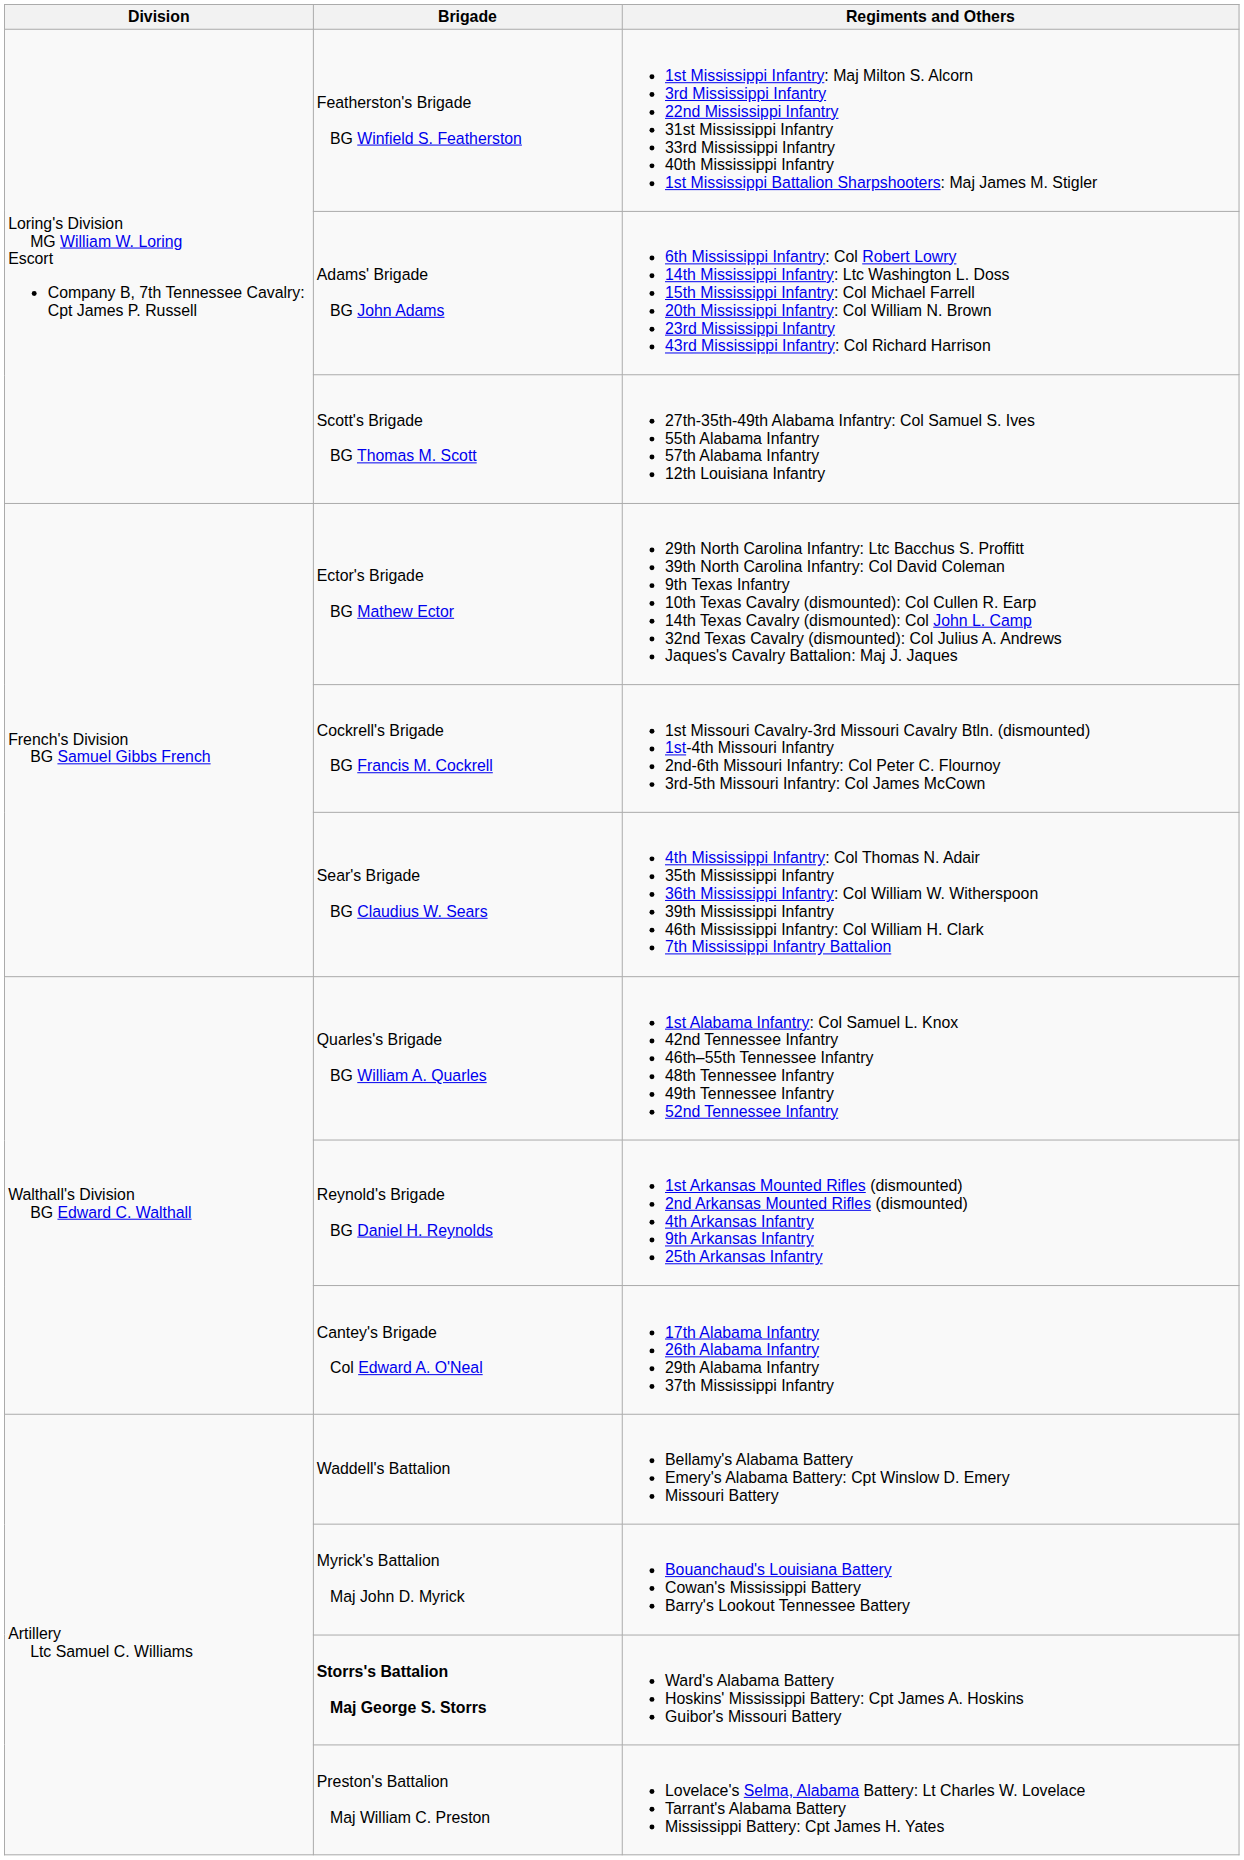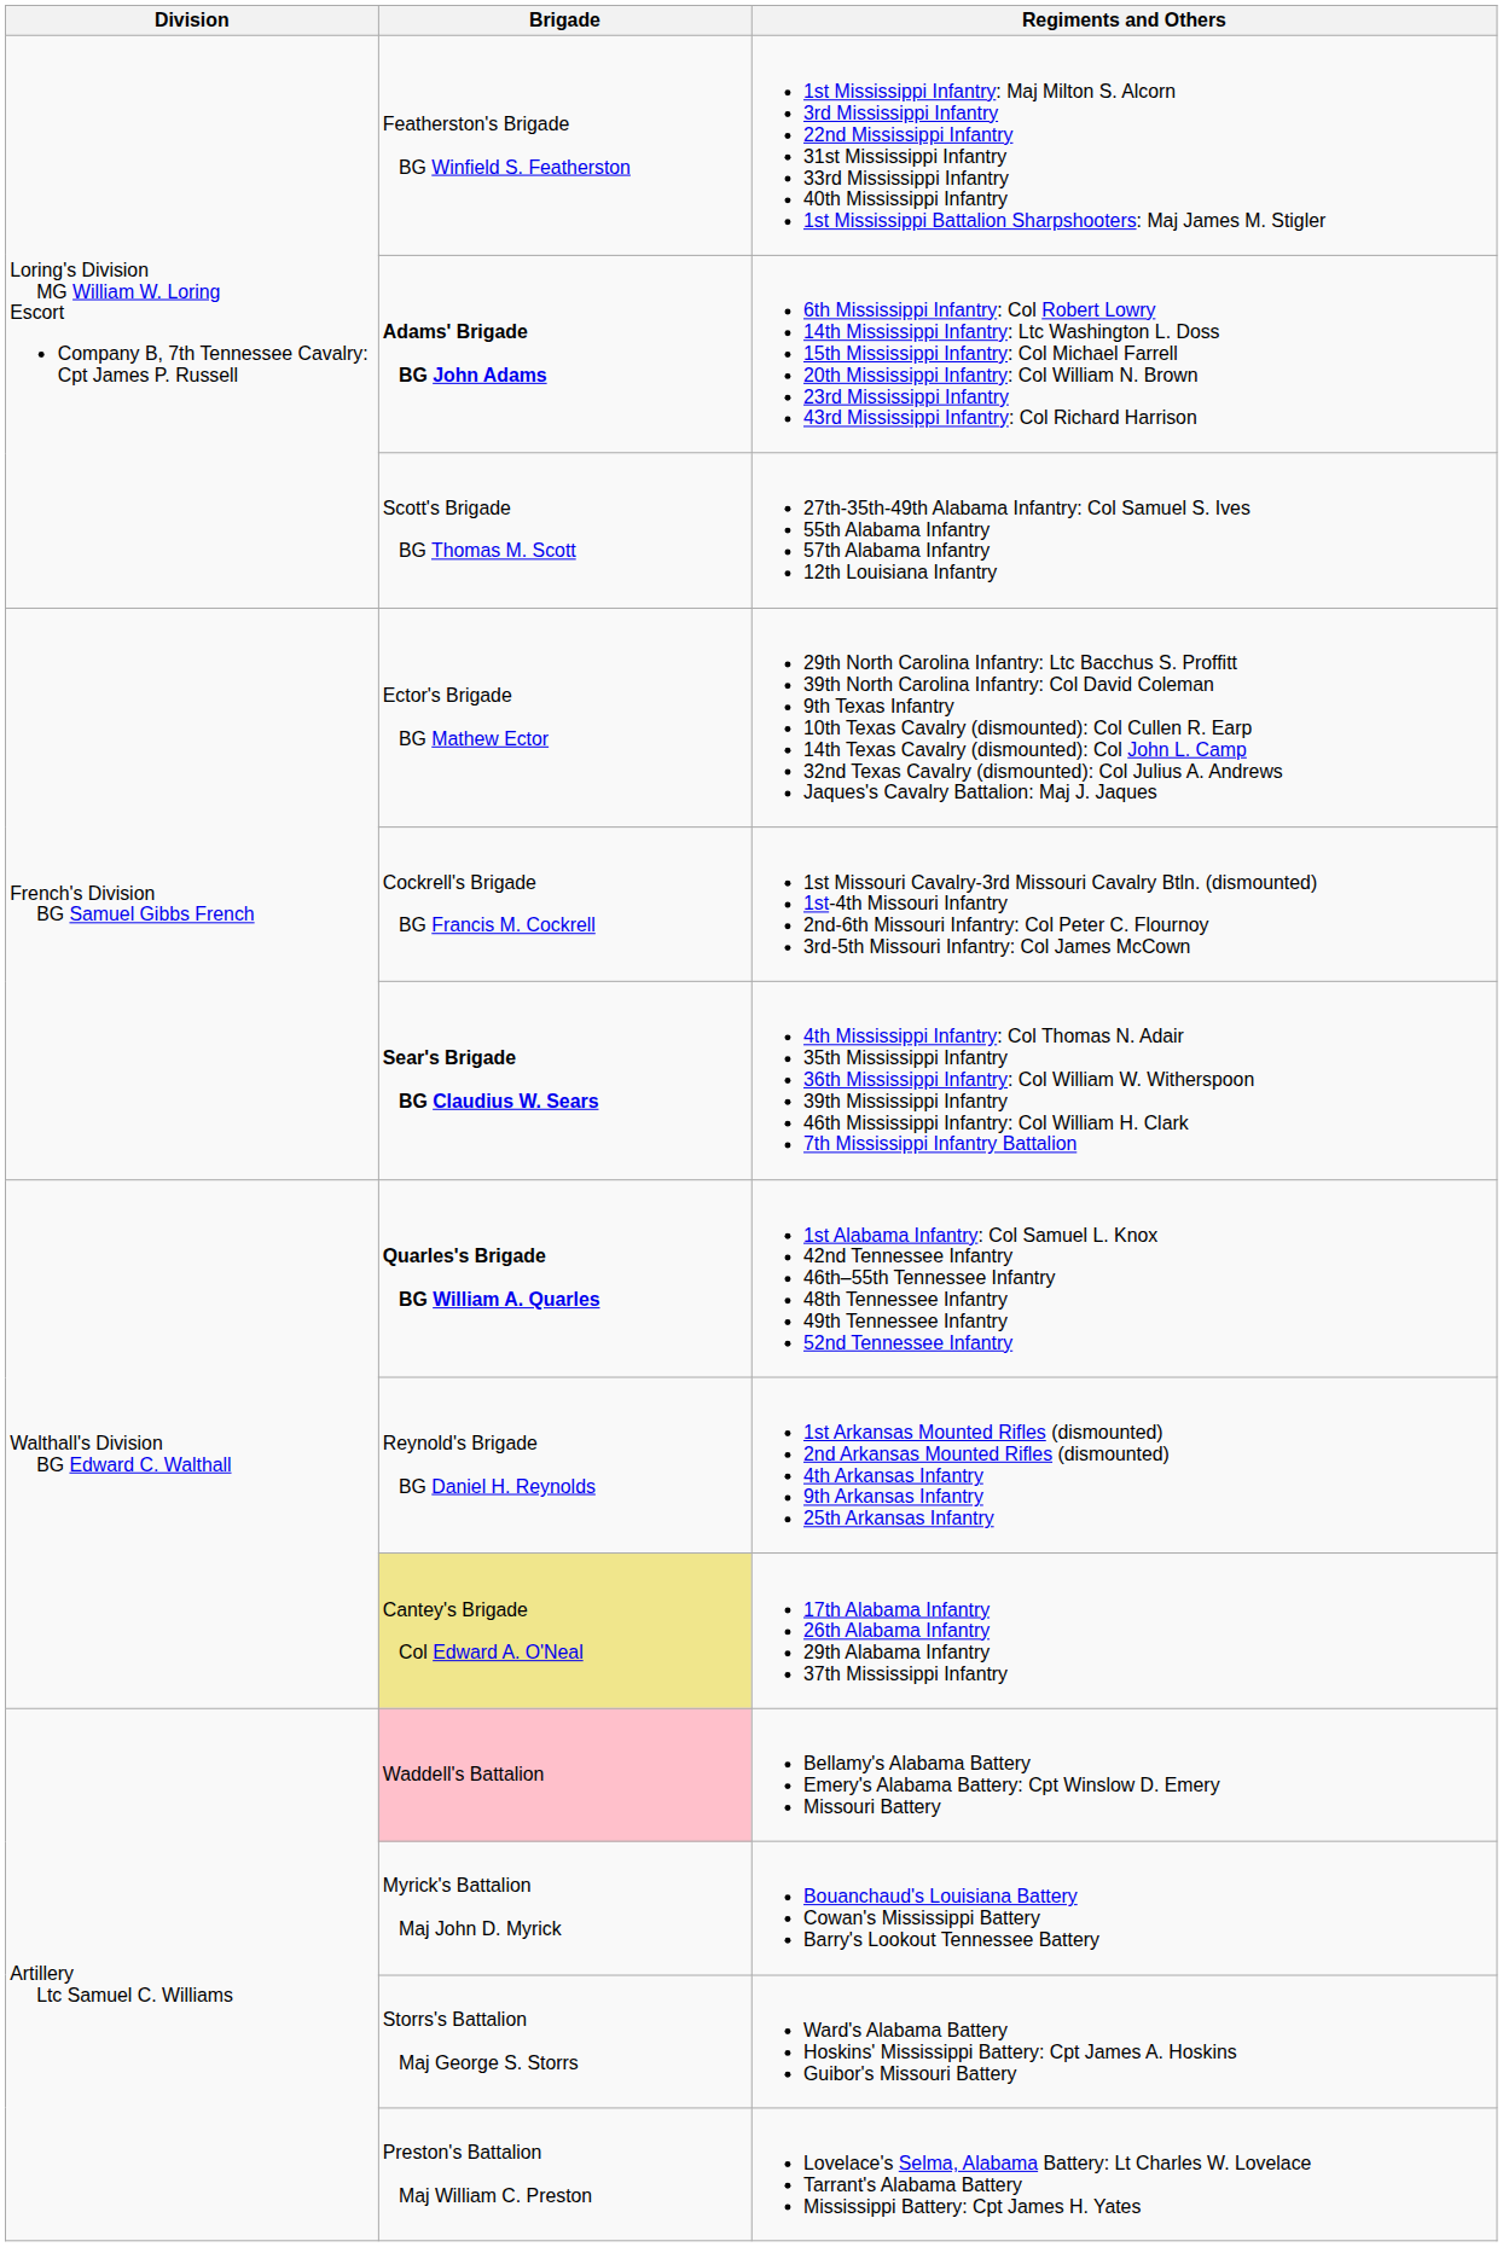 <table class="wikitable">
 <tr>
 <th style="width:25%;">Division</th>
 <th style="width:25%;">Brigade</th>
 <th>Regiments and Others</th>
 </tr>
 <tr>
 <td rowspan=3><br>Loring's Division <br>     MG <a href='#'>William W. Loring</a> <br> Escort<ul><li>Company B, 7th Tennessee Cavalry: Cpt James P. Russell</li></ul></td>
 <td>Featherston's Brigade<br><br>   BG <a href='#'>Winfield S. Featherston</a></td>
 <td><br><ul><li><a href='#'>1st Mississippi Infantry</a>: Maj Milton S. Alcorn</li><li><a href='#'>3rd Mississippi Infantry</a></li><li><a href='#'>22nd Mississippi Infantry</a></li><li>31st Mississippi Infantry</li><li>33rd Mississippi Infantry</li><li>40th Mississippi Infantry</li><li><a href='#'>1st Mississippi Battalion Sharpshooters</a>: Maj James M. Stigler</li></ul></td>
 </tr>
 <tr>
-<td>Adams' Brigade<br><br>   BG <a href='#'>John Adams</a></td>
+<td><strong>Adams' Brigade<br><br>   BG <a href='#'>John Adams</a></strong></td>
 <td><br><ul><li><a href='#'>6th Mississippi Infantry</a>: Col <a href='#'>Robert Lowry</a></li><li><a href='#'>14th Mississippi Infantry</a>: Ltc Washington L. Doss</li><li><a href='#'>15th Mississippi Infantry</a>: Col Michael Farrell</li><li><a href='#'>20th Mississippi Infantry</a>: Col William N. Brown</li><li><a href='#'>23rd Mississippi Infantry</a></li><li><a href='#'>43rd Mississippi Infantry</a>: Col Richard Harrison</li></ul></td>
 </tr>
 <tr>
 <td>Scott's Brigade<br><br>   BG <a href='#'>Thomas M. Scott</a></td>
 <td><br><ul><li>27th-35th-49th Alabama Infantry: Col Samuel S. Ives</li><li>55th Alabama Infantry</li><li>57th Alabama Infantry</li><li>12th Louisiana Infantry</li></ul></td>
 </tr>
 <tr>
 <td rowspan=3><br>French's Division <br>     BG <a href='#'>Samuel Gibbs French</a></td>
 <td>Ector's Brigade<br><br>   BG <a href='#'>Mathew Ector</a></td>
 <td><br><ul><li>29th North Carolina Infantry: Ltc Bacchus S. Proffitt</li><li>39th North Carolina Infantry: Col David Coleman</li><li>9th Texas Infantry</li><li>10th Texas Cavalry (dismounted): Col Cullen R. Earp</li><li>14th Texas Cavalry (dismounted): Col <a href='#'>John L. Camp</a></li><li>32nd Texas Cavalry (dismounted): Col Julius A. Andrews</li><li>Jaques's Cavalry Battalion: Maj J. Jaques</li></ul></td>
 </tr>
 <tr>
 <td>Cockrell's Brigade<br><br>   BG <a href='#'>Francis M. Cockrell</a></td>
 <td><br><ul><li>1st Missouri Cavalry-3rd Missouri Cavalry Btln. (dismounted)</li><li><a href='#'>1st</a>-4th Missouri Infantry</li><li>2nd-6th Missouri Infantry: Col Peter C. Flournoy</li><li>3rd-5th Missouri Infantry: Col James McCown</li></ul></td>
 </tr>
 <tr>
-<td>Sear's Brigade<br><br>   BG <a href='#'>Claudius W. Sears</a></td>
+<td><strong>Sear's Brigade<br><br>   BG <a href='#'>Claudius W. Sears</a></strong></td>
 <td><br><ul><li><a href='#'>4th Mississippi Infantry</a>: Col Thomas N. Adair</li><li>35th Mississippi Infantry</li><li><a href='#'>36th Mississippi Infantry</a>: Col William W. Witherspoon</li><li>39th Mississippi Infantry</li><li>46th Mississippi Infantry: Col William H. Clark</li><li><a href='#'>7th Mississippi Infantry Battalion</a></li></ul></td>
 </tr>
 <tr>
 <td rowspan=3><br>Walthall's Division <br>     BG <a href='#'>Edward C. Walthall</a></td>
-<td>Quarles's Brigade<br><br>   BG <a href='#'>William A. Quarles</a></td>
+<td><strong>Quarles's Brigade<br><br>   BG <a href='#'>William A. Quarles</a></strong></td>
 <td><br><ul><li><a href='#'>1st Alabama Infantry</a>: Col Samuel L. Knox</li><li>42nd Tennessee Infantry</li><li>46th–55th Tennessee Infantry</li><li>48th Tennessee Infantry</li><li>49th Tennessee Infantry</li><li><a href='#'>52nd Tennessee Infantry</a></li></ul></td>
 </tr>
 <tr>
 <td>Reynold's Brigade<br><br>   BG <a href='#'>Daniel H. Reynolds</a></td>
 <td><br><ul><li><a href='#'>1st Arkansas Mounted Rifles</a> (dismounted)</li><li><a href='#'>2nd Arkansas Mounted Rifles</a> (dismounted)</li><li><a href='#'>4th Arkansas Infantry</a></li><li><a href='#'>9th Arkansas Infantry</a></li><li><a href='#'>25th Arkansas Infantry</a></li></ul></td>
 </tr>
 <tr>
-<td>Cantey's Brigade<br><br>   Col <a href='#'>Edward A. O'Neal</a></td>
+<td style="background: khaki;">Cantey's Brigade<br><br>   Col <a href='#'>Edward A. O'Neal</a></td>
 <td><br><ul><li><a href='#'>17th Alabama Infantry</a></li><li><a href='#'>26th Alabama Infantry</a></li><li>29th Alabama Infantry</li><li>37th Mississippi Infantry</li></ul></td>
 </tr>
 <tr>
 <td rowspan=4><br>Artillery <br>     Ltc Samuel C. Williams</td>
-<td>Waddell's Battalion</td>
+<td style="background: pink;">Waddell's Battalion</td>
 <td><br><ul><li>Bellamy's Alabama Battery</li><li>Emery's Alabama Battery: Cpt Winslow D. Emery</li><li>Missouri Battery</li></ul></td>
 </tr>
 <tr>
 <td>Myrick's Battalion<br><br>   Maj John D. Myrick</td>
 <td><br><ul><li><a href='#'>Bouanchaud's Louisiana Battery</a></li><li>Cowan's Mississippi Battery</li><li>Barry's Lookout Tennessee Battery</li></ul></td>
 </tr>
 <tr>
-<td><strong>Storrs's Battalion<br><br>   Maj George S. Storrs</strong></td>
+<td>Storrs's Battalion<br><br>   Maj George S. Storrs</td>
 <td><br><ul><li>Ward's Alabama Battery</li><li>Hoskins' Mississippi Battery: Cpt James A. Hoskins</li><li>Guibor's Missouri Battery</li></ul></td>
 </tr>
 <tr>
 <td>Preston's Battalion<br><br>   Maj William C. Preston</td>
 <td><br><ul><li>Lovelace's <a href='#'>Selma, Alabama</a> Battery: Lt Charles W. Lovelace</li><li>Tarrant's Alabama Battery</li><li>Mississippi Battery: Cpt James H. Yates</li></ul></td>
 </tr>
 </table>
